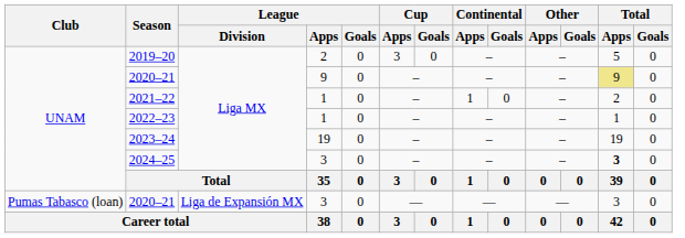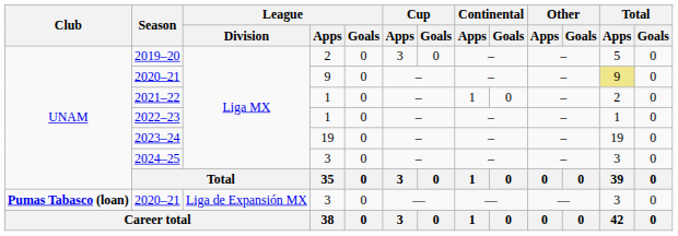 <table class="wikitable" style="text-align: center">
 <tr>
 <th rowspan="2">Club</th>
 <th rowspan="2">Season</th>
 <th colspan="3">League</th>
 <th colspan="2">Cup</th>
 <th colspan="2">Continental</th>
 <th colspan="2">Other</th>
 <th colspan="2">Total</th>
 </tr>
 <tr>
 <th>Division</th>
 <th>Apps</th>
 <th>Goals</th>
 <th>Apps</th>
 <th>Goals</th>
 <th>Apps</th>
 <th>Goals</th>
 <th>Apps</th>
 <th>Goals</th>
 <th>Apps</th>
 <th>Goals</th>
 </tr>
 <tr>
 <td rowspan="7"><a href='#'>UNAM</a></td>
 <td><a href='#'>2019–20</a></td>
 <td rowspan="6"><a href='#'>Liga MX</a></td>
 <td>2</td>
 <td>0</td>
 <td>3</td>
 <td>0</td>
 <td colspan="2">–</td>
 <td colspan="2">–</td>
 <td>5</td>
 <td>0</td>
 </tr>
 <tr>
 <td><a href='#'>2020–21</a></td>
 <td>9</td>
 <td>0</td>
 <td colspan="2">–</td>
 <td colspan="2">–</td>
 <td colspan="2">–</td>
 <td style="background: khaki;">9</td>
 <td>0</td>
 </tr>
 <tr>
 <td><a href='#'>2021–22</a></td>
 <td>1</td>
 <td>0</td>
 <td colspan="2">–</td>
 <td>1</td>
 <td>0</td>
 <td colspan="2">–</td>
 <td>2</td>
 <td>0</td>
 </tr>
 <tr>
 <td><a href='#'>2022–23</a></td>
 <td>1</td>
 <td>0</td>
 <td colspan="2">–</td>
 <td colspan="2">–</td>
 <td colspan="2">–</td>
 <td>1</td>
 <td>0</td>
 </tr>
 <tr>
 <td><a href='#'>2023–24</a></td>
 <td>19</td>
 <td>0</td>
 <td colspan="2">–</td>
 <td colspan="2">–</td>
 <td colspan="2">–</td>
 <td>19</td>
 <td>0</td>
 </tr>
 <tr>
 <td><a href='#'>2024–25</a></td>
 <td>3</td>
 <td>0</td>
 <td colspan="2">–</td>
 <td colspan="2">–</td>
 <td colspan="2">–</td>
-<td><strong>3</strong></td>
+<td>3</td>
 <td>0</td>
 </tr>
 <tr>
 <th colspan="2">Total</th>
 <th>35</th>
 <th>0</th>
 <th>3</th>
 <th>0</th>
 <th>1</th>
 <th>0</th>
 <th>0</th>
 <th>0</th>
 <th>39</th>
 <th>0</th>
 </tr>
 <tr>
-<td rowspan="1"><a href='#'>Pumas Tabasco</a> (loan)</td>
+<td rowspan="1"><strong><a href='#'>Pumas Tabasco</a> (loan)</strong></td>
 <td><a href='#'>2020–21</a></td>
 <td rowspan="1"><a href='#'>Liga de Expansión MX</a></td>
 <td>3</td>
 <td>0</td>
 <td colspan=2>—</td>
 <td colspan=2>—</td>
 <td colspan=2>—</td>
 <td>3</td>
 <td>0</td>
 </tr>
 <tr>
 <th colspan="3"><strong>Career total</strong></th>
 <th>38</th>
 <th>0</th>
 <th>3</th>
 <th>0</th>
 <th>1</th>
 <th>0</th>
 <th>0</th>
 <th>0</th>
 <th>42</th>
 <th>0</th>
 </tr>
 </table>
